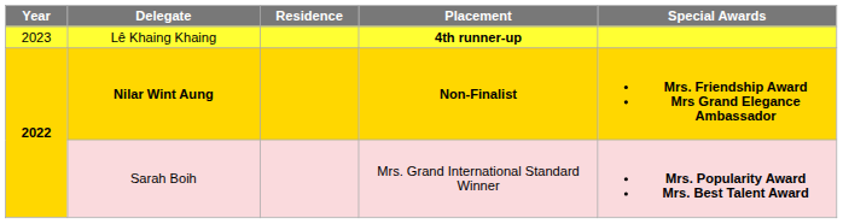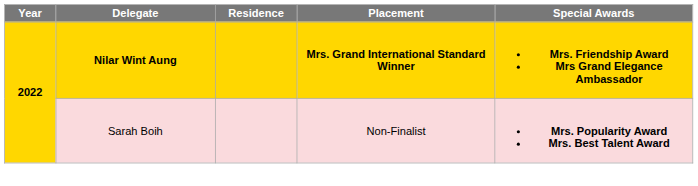 <table class="wikitable sortable" style="font-size: 90%; text-align:center">
 <tr>
 <th width="60" style="background-color:#787878;color:#FFFFFF;">Year</th>
 <th width="200" style="background-color:#787878;color:#FFFFFF;">Delegate</th>
 <th width="100" style="background-color:#787878;color:#FFFFFF;">Residence</th>
 <th width="250" style="background-color:#787878;color:#FFFFFF;">Placement</th>
 <th width="250" style="background-color:#787878;color:#FFFFFF;">Special Awards</th>
 </tr>
-<tr style="background-color:#FFFF33;">
-<td><strong></strong> 2023</td>
-<td>Lê Khaing Khaing</td>
-<td></td>
-<td><strong>4th runner-up</strong></td>
-<td></td>
-</tr>
 <tr style="background-color:gold; font-weight: bold ">
 <td rowspan="2"><strong> 2022</strong></td>
 <td>Nilar Wint Aung</td>
 <td></td>
-<td>Non-Finalist</td>
+<td>Mrs. Grand International Standard Winner</td>
 <td><br><ul><li>Mrs. Friendship Award</li><li>Mrs Grand Elegance Ambassador</li></ul></td>
 </tr>
 <tr style="background-color:#FADADD;: bold">
 <td>Sarah Boih</td>
 <td></td>
-<td>Mrs. Grand International Standard Winner</td>
+<td>Non-Finalist</td>
 <td><br><ul><li><strong>Mrs. Popularity Award</strong></li><li><strong>Mrs. Best Talent Award</strong></li></ul></td>
 </tr>
 </table>
